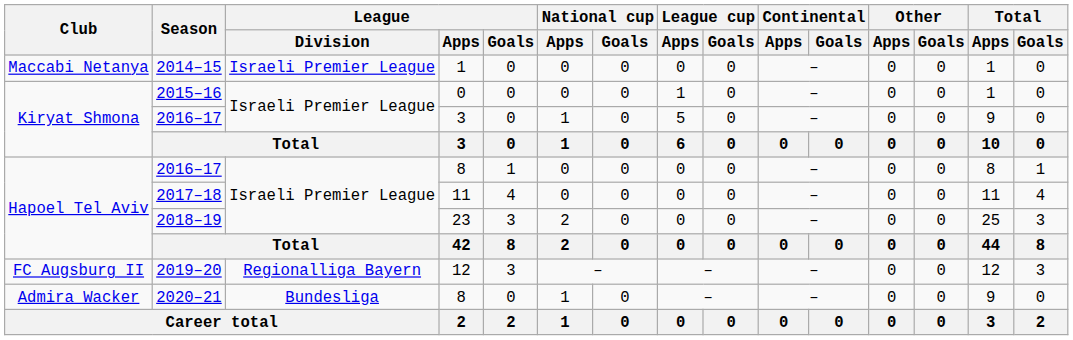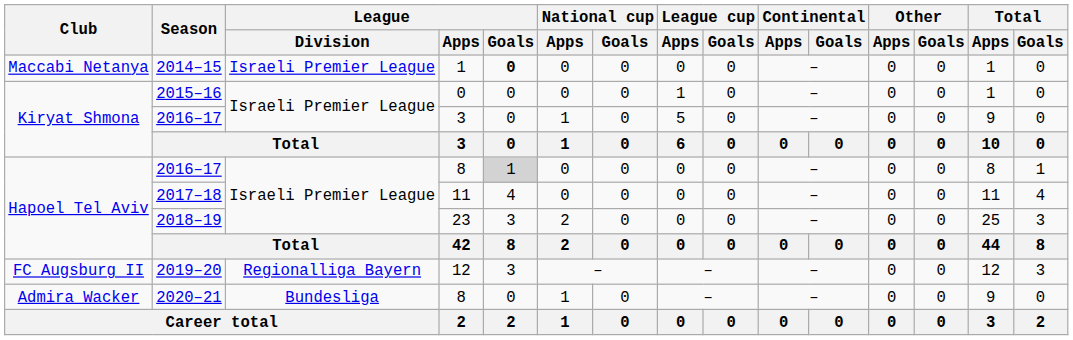 <table class="wikitable" style="text-align:center">
 <tr>
 <th rowspan="2">Club</th>
 <th rowspan="2">Season</th>
 <th colspan="3">League</th>
 <th colspan="2">National cup</th>
 <th colspan="2">League cup</th>
 <th colspan="2">Continental</th>
 <th colspan="2">Other</th>
 <th colspan="2">Total</th>
 </tr>
 <tr>
 <th>Division</th>
 <th>Apps</th>
 <th>Goals</th>
 <th>Apps</th>
 <th>Goals</th>
 <th>Apps</th>
 <th>Goals</th>
 <th>Apps</th>
 <th>Goals</th>
 <th>Apps</th>
 <th>Goals</th>
 <th>Apps</th>
 <th>Goals</th>
 </tr>
 <tr>
 <td><a href='#'>Maccabi Netanya</a></td>
 <td><a href='#'>2014–15</a></td>
 <td><a href='#'>Israeli Premier League</a></td>
 <td>1</td>
-<td>0</td>
+<td><strong>0</strong></td>
 <td>0</td>
 <td>0</td>
 <td>0</td>
 <td>0</td>
 <td colspan="2">–</td>
 <td>0</td>
 <td>0</td>
 <td>1</td>
 <td>0</td>
 </tr>
 <tr>
 <td rowspan="3"><a href='#'>Kiryat Shmona</a></td>
 <td><a href='#'>2015–16</a></td>
 <td rowspan="2">Israeli Premier League</td>
 <td>0</td>
 <td>0</td>
 <td>0</td>
 <td>0</td>
 <td>1</td>
 <td>0</td>
 <td colspan="2">–</td>
 <td>0</td>
 <td>0</td>
 <td>1</td>
 <td>0</td>
 </tr>
 <tr>
 <td><a href='#'>2016–17</a></td>
 <td>3</td>
 <td>0</td>
 <td>1</td>
 <td>0</td>
 <td>5</td>
 <td>0</td>
 <td colspan="2">–</td>
 <td>0</td>
 <td>0</td>
 <td>9</td>
 <td>0</td>
 </tr>
 <tr>
 <th colspan="2">Total</th>
 <th>3</th>
 <th>0</th>
 <th>1</th>
 <th>0</th>
 <th>6</th>
 <th>0</th>
 <th>0</th>
 <th>0</th>
 <th>0</th>
 <th>0</th>
 <th>10</th>
 <th>0</th>
 </tr>
 <tr>
 <td rowspan="4"><a href='#'>Hapoel Tel Aviv</a></td>
 <td><a href='#'>2016–17</a></td>
 <td rowspan="3">Israeli Premier League</td>
 <td>8</td>
-<td>1</td>
+<td style="background: lightgrey;">1</td>
 <td>0</td>
 <td>0</td>
 <td>0</td>
 <td>0</td>
 <td colspan="2">–</td>
 <td>0</td>
 <td>0</td>
 <td>8</td>
 <td>1</td>
 </tr>
 <tr>
 <td><a href='#'>2017–18</a></td>
 <td>11</td>
 <td>4</td>
 <td>0</td>
 <td>0</td>
 <td>0</td>
 <td>0</td>
 <td colspan="2">–</td>
 <td>0</td>
 <td>0</td>
 <td>11</td>
 <td>4</td>
 </tr>
 <tr>
 <td><a href='#'>2018–19</a></td>
 <td>23</td>
 <td>3</td>
 <td>2</td>
 <td>0</td>
 <td>0</td>
 <td>0</td>
 <td colspan="2">–</td>
 <td>0</td>
 <td>0</td>
 <td>25</td>
 <td>3</td>
 </tr>
 <tr>
 <th colspan="2">Total</th>
 <th>42</th>
 <th>8</th>
 <th>2</th>
 <th>0</th>
 <th>0</th>
 <th>0</th>
 <th>0</th>
 <th>0</th>
 <th>0</th>
 <th>0</th>
 <th>44</th>
 <th>8</th>
 </tr>
 <tr>
 <td><a href='#'>FC Augsburg II</a></td>
 <td><a href='#'>2019–20</a></td>
 <td><a href='#'>Regionalliga Bayern</a></td>
 <td>12</td>
 <td>3</td>
 <td colspan="2">–</td>
 <td colspan="2">–</td>
 <td colspan="2">–</td>
 <td>0</td>
 <td>0</td>
 <td>12</td>
 <td>3</td>
 </tr>
 <tr>
 <td><a href='#'>Admira Wacker</a></td>
 <td><a href='#'>2020–21</a></td>
 <td><a href='#'>Bundesliga</a></td>
 <td>8</td>
 <td>0</td>
 <td>1</td>
 <td>0</td>
 <td colspan="2">–</td>
 <td colspan="2">–</td>
 <td>0</td>
 <td>0</td>
 <td>9</td>
 <td>0</td>
 </tr>
 <tr>
 <th colspan="3">Career total</th>
 <th>2</th>
 <th>2</th>
 <th>1</th>
 <th>0</th>
 <th>0</th>
 <th>0</th>
 <th>0</th>
 <th>0</th>
 <th>0</th>
 <th>0</th>
 <th>3</th>
 <th>2</th>
 </tr>
 </table>
